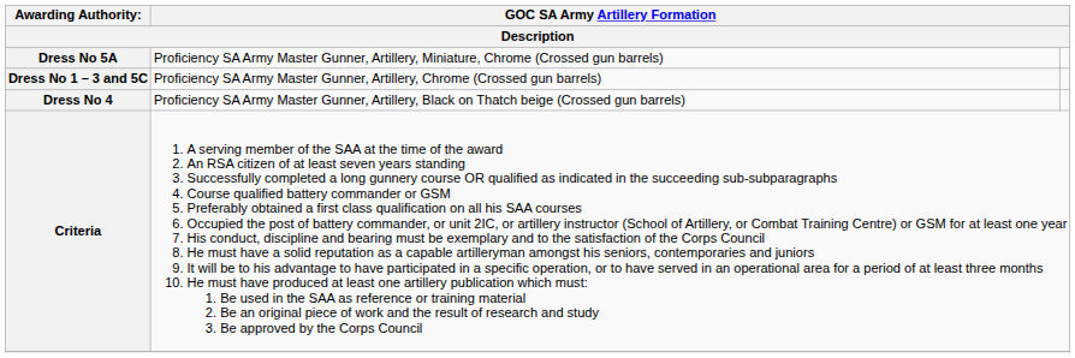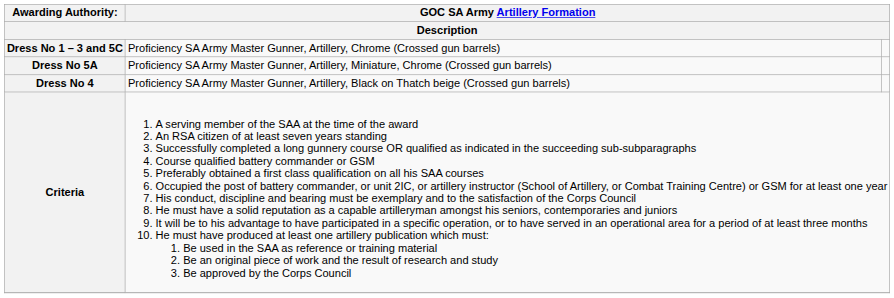 <table class=wikitable style="text-align: left;">
 <tr>
 <th><strong>Awarding Authority</strong>:</th>
 <th colspan="2">GOC SA Army <a href='#'>Artillery Formation</a></th>
 </tr>
 <tr>
 <th colspan="3">Description</th>
 </tr>
 <tr>
-<th>Dress No 5A</th>
-<td>Proficiency SA Army Master Gunner, Artillery, Miniature, Chrome (Crossed gun barrels)</td>
+<th>Dress No 1 – 3 and 5C</th>
+<td>Proficiency SA Army Master Gunner, Artillery, Chrome (Crossed gun barrels)</td>
 <td></td>
 </tr>
 <tr>
-<th>Dress No 1 – 3 and 5C</th>
-<td>Proficiency SA Army Master Gunner, Artillery, Chrome (Crossed gun barrels)</td>
+<th>Dress No 5A</th>
+<td>Proficiency SA Army Master Gunner, Artillery, Miniature, Chrome (Crossed gun barrels)</td>
 <td></td>
 </tr>
 <tr>
 <th>Dress No 4</th>
 <td>Proficiency SA Army Master Gunner, Artillery, Black on Thatch beige (Crossed gun barrels)</td>
 <td></td>
 </tr>
 <tr>
 <th>Criteria</th>
 <td colspan="2"><br><ol><li>A serving member of the SAA at the time of the award</li><li>An RSA citizen of at least seven years standing</li><li>Successfully completed a long gunnery course OR qualified as indicated in the succeeding sub-subparagraphs</li><li>Course qualified battery commander or GSM</li><li>Preferably obtained a first class qualification on all his SAA courses</li><li>Occupied the post of battery commander, or unit 2IC, or artillery instructor (School of Artillery, or Combat Training Centre) or GSM for at least one year</li><li>His conduct, discipline and bearing must be exemplary and to the satisfaction of the Corps Council</li><li>He must have a solid reputation as a capable artilleryman amongst his seniors, contemporaries and juniors</li><li>It will be to his advantage to have participated in a specific operation, or to have served in an operational area for a period of at least three months</li><li>He must have produced at least one artillery publication which must:<ol><li>Be used in the SAA as reference or training material</li><li>Be an original piece of work and the result of research and study</li><li>Be approved by the Corps Council</li></ol></li></ol></td>
 </tr>
 <tr>
 </tr>
 </table>
